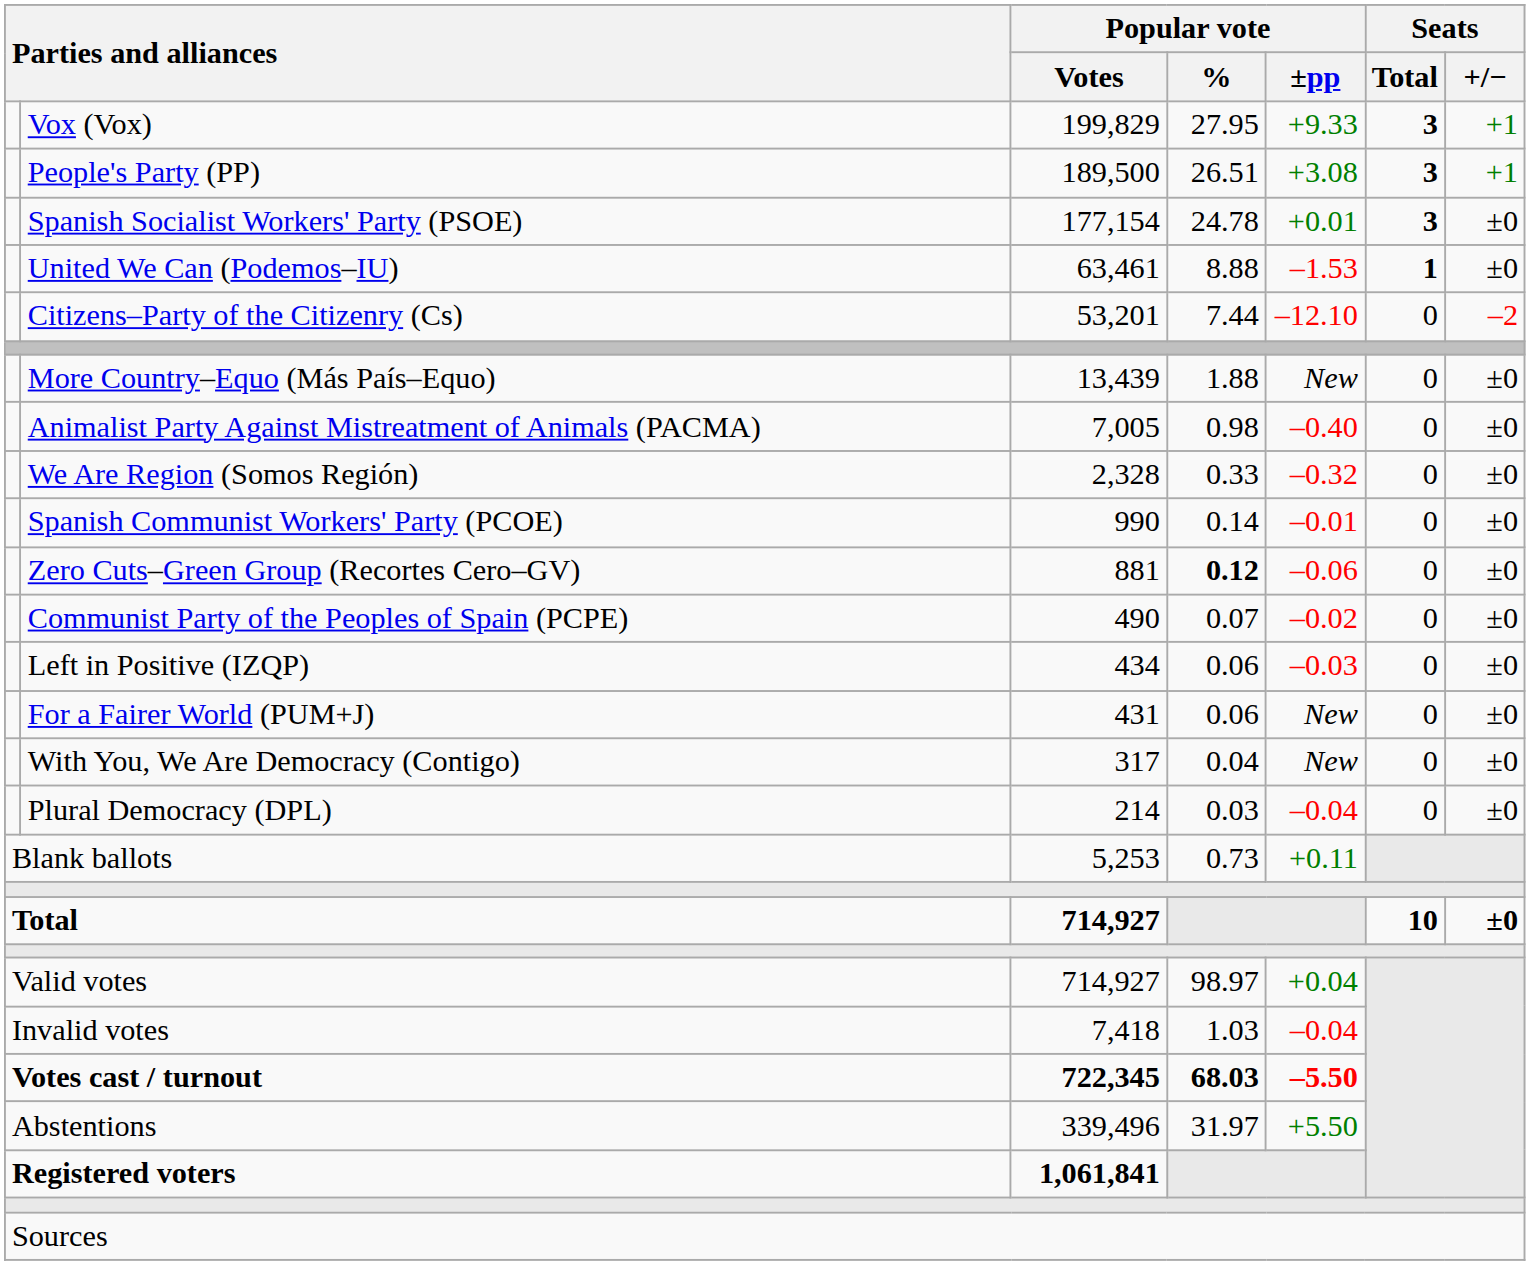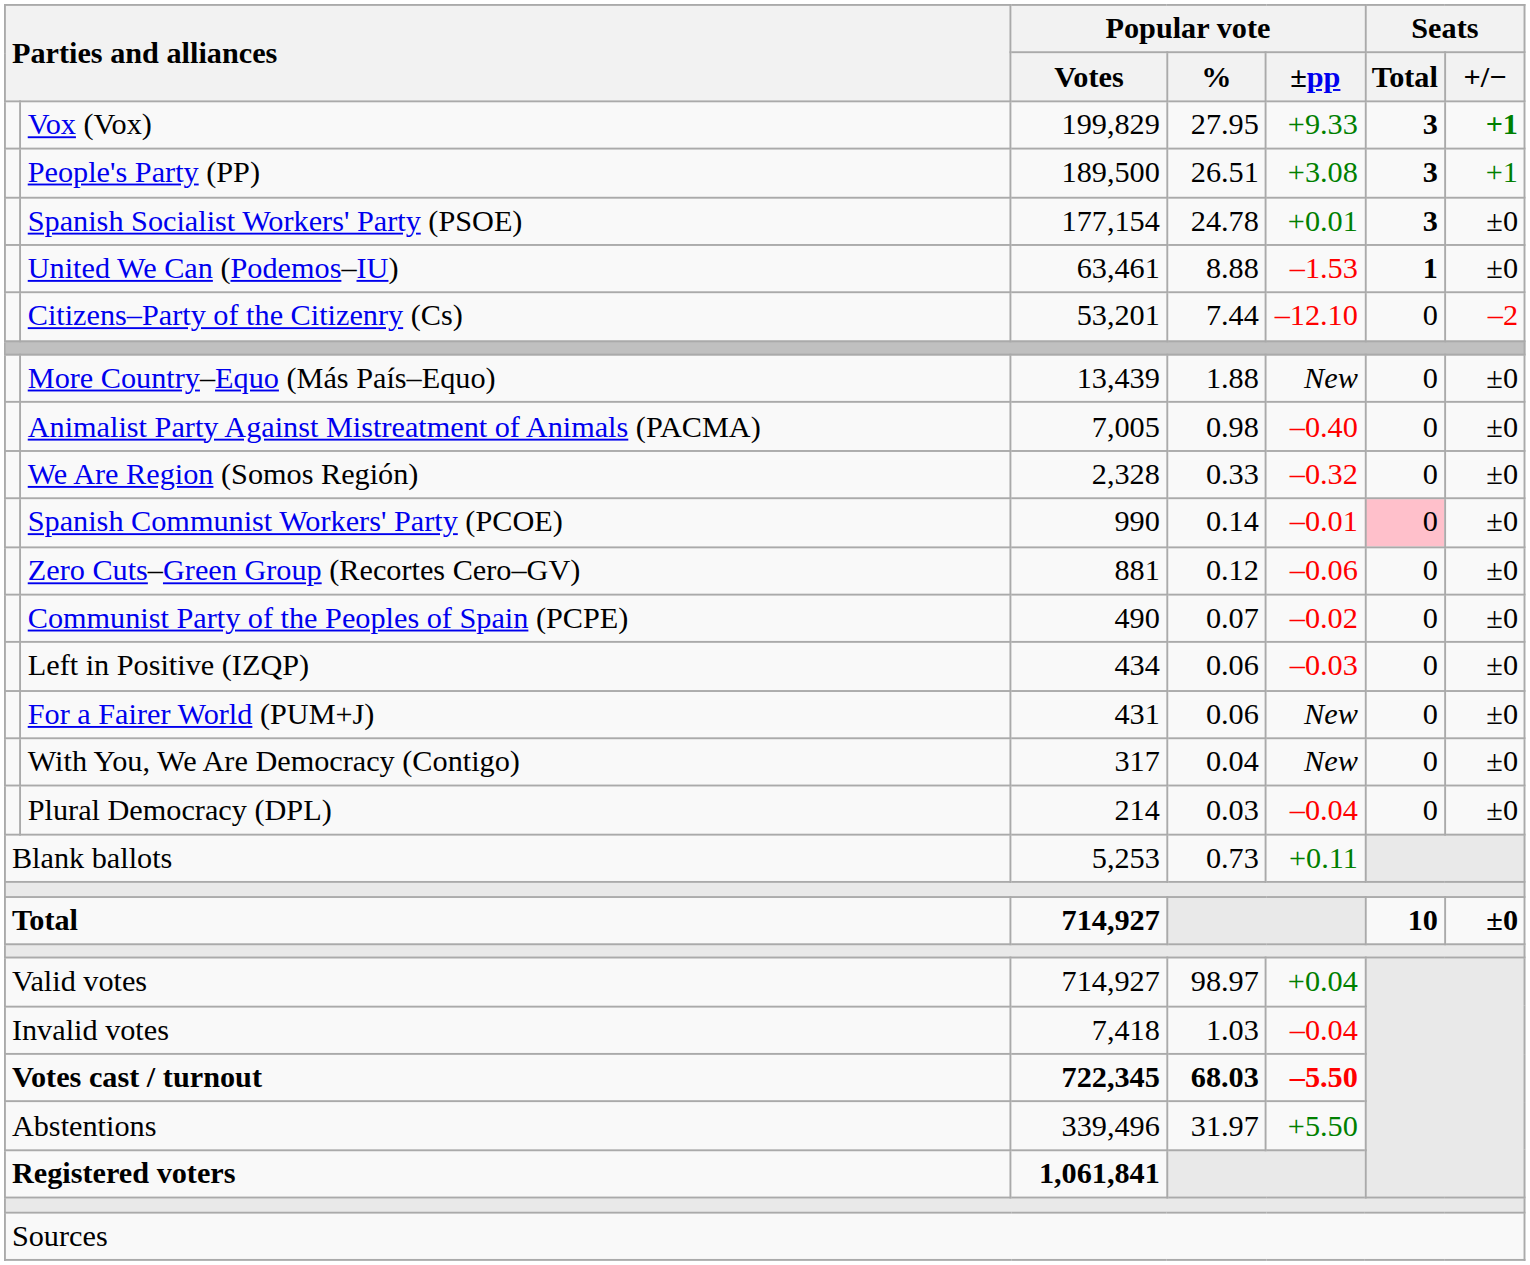 <table class="wikitable" style="text-align:right;">
 <tr>
 <th style="text-align:left;" rowspan="2" colspan="2" width="525">Parties and alliances</th>
 <th colspan="3">Popular vote</th>
 <th colspan="2">Seats</th>
 </tr>
 <tr>
 <th width="75">Votes</th>
 <th width="45">%</th>
 <th width="45">±<a href='#'>pp</a></th>
 <th width="35">Total</th>
 <th width="35">+/−</th>
 </tr>
 <tr>
 <td width="1" style="color:inherit;background:"></td>
 <td align="left"><a href='#'>Vox</a> (Vox)</td>
 <td>199,829</td>
 <td>27.95</td>
 <td style="color:green;">+9.33</td>
 <td><strong>3</strong></td>
-<td style="color:green;">+1</td>
+<td style="color:green;"><strong>+1</strong></td>
 </tr>
 <tr>
 <td style="color:inherit;background:"></td>
 <td align="left"><a href='#'>People's Party</a> (PP)</td>
 <td>189,500</td>
 <td>26.51</td>
 <td style="color:green;">+3.08</td>
 <td><strong>3</strong></td>
 <td style="color:green;">+1</td>
 </tr>
 <tr>
 <td style="color:inherit;background:"></td>
 <td align="left"><a href='#'>Spanish Socialist Workers' Party</a> (PSOE)</td>
 <td>177,154</td>
 <td>24.78</td>
 <td style="color:green;">+0.01</td>
 <td><strong>3</strong></td>
 <td>±0</td>
 </tr>
 <tr>
 <td style="color:inherit;background:"></td>
 <td align="left"><a href='#'>United We Can</a> (<a href='#'>Podemos</a>–<a href='#'>IU</a>)</td>
 <td>63,461</td>
 <td>8.88</td>
 <td style="color:red;">–1.53</td>
 <td><strong>1</strong></td>
 <td>±0</td>
 </tr>
 <tr>
 <td style="color:inherit;background:"></td>
 <td align="left"><a href='#'>Citizens–Party of the Citizenry</a> (Cs)</td>
 <td>53,201</td>
 <td>7.44</td>
 <td style="color:red;">–12.10</td>
 <td>0</td>
 <td style="color:red;">–2</td>
 </tr>
 <tr>
 <td colspan="7" bgcolor="#C0C0C0"></td>
 </tr>
 <tr>
 <td style="color:inherit;background:"></td>
 <td align="left"><a href='#'>More Country</a>–<a href='#'>Equo</a> (Más País–Equo)</td>
 <td>13,439</td>
 <td>1.88</td>
 <td><em>New</em></td>
 <td>0</td>
 <td>±0</td>
 </tr>
 <tr>
 <td style="color:inherit;background:"></td>
 <td align="left"><a href='#'>Animalist Party Against Mistreatment of Animals</a> (PACMA)</td>
 <td>7,005</td>
 <td>0.98</td>
 <td style="color:red;">–0.40</td>
 <td>0</td>
 <td>±0</td>
 </tr>
 <tr>
 <td style="color:inherit;background:"></td>
 <td align="left"><a href='#'>We Are Region</a> (Somos Región)</td>
 <td>2,328</td>
 <td>0.33</td>
 <td style="color:red;">–0.32</td>
 <td>0</td>
 <td>±0</td>
 </tr>
 <tr>
 <td style="color:inherit;background:"></td>
 <td align="left"><a href='#'>Spanish Communist Workers' Party</a> (PCOE)</td>
 <td>990</td>
 <td>0.14</td>
 <td style="color:red;">–0.01</td>
-<td>0</td>
+<td style="background: pink;">0</td>
 <td>±0</td>
 </tr>
 <tr>
 <td style="color:inherit;background:"></td>
 <td align="left"><a href='#'>Zero Cuts</a>–<a href='#'>Green Group</a> (Recortes Cero–GV)</td>
 <td>881</td>
-<td><strong>0.12</strong></td>
+<td>0.12</td>
 <td style="color:red;">–0.06</td>
 <td>0</td>
 <td>±0</td>
 </tr>
 <tr>
 <td style="color:inherit;background:"></td>
 <td align="left"><a href='#'>Communist Party of the Peoples of Spain</a> (PCPE)</td>
 <td>490</td>
 <td>0.07</td>
 <td style="color:red;">–0.02</td>
 <td>0</td>
 <td>±0</td>
 </tr>
 <tr>
 <td style="color:inherit;background:"></td>
 <td align="left">Left in Positive (IZQP)</td>
 <td>434</td>
 <td>0.06</td>
 <td style="color:red;">–0.03</td>
 <td>0</td>
 <td>±0</td>
 </tr>
 <tr>
 <td style="color:inherit;background:"></td>
 <td align="left"><a href='#'>For a Fairer World</a> (PUM+J)</td>
 <td>431</td>
 <td>0.06</td>
 <td><em>New</em></td>
 <td>0</td>
 <td>±0</td>
 </tr>
 <tr>
 <td style="color:inherit;background:"></td>
 <td align="left">With You, We Are Democracy (Contigo)</td>
 <td>317</td>
 <td>0.04</td>
 <td><em>New</em></td>
 <td>0</td>
 <td>±0</td>
 </tr>
 <tr>
 <td style="color:inherit;background:"></td>
 <td align="left">Plural Democracy (DPL)</td>
 <td>214</td>
 <td>0.03</td>
 <td style="color:red;">–0.04</td>
 <td>0</td>
 <td>±0</td>
 </tr>
 <tr>
 <td align="left" colspan="2">Blank ballots</td>
 <td>5,253</td>
 <td>0.73</td>
 <td style="color:green;">+0.11</td>
 <td bgcolor="#E9E9E9" colspan="2"></td>
 </tr>
 <tr>
 <td colspan="7" bgcolor="#E9E9E9"></td>
 </tr>
 <tr style="font-weight:bold;">
 <td align="left" colspan="2">Total</td>
 <td>714,927</td>
 <td bgcolor="#E9E9E9" colspan="2"></td>
 <td>10</td>
 <td>±0</td>
 </tr>
 <tr>
 <td colspan="7" bgcolor="#E9E9E9"></td>
 </tr>
 <tr>
 <td align="left" colspan="2">Valid votes</td>
 <td>714,927</td>
 <td>98.97</td>
 <td style="color:green;">+0.04</td>
 <td bgcolor="#E9E9E9" colspan="2" rowspan="5"></td>
 </tr>
 <tr>
 <td align="left" colspan="2">Invalid votes</td>
 <td>7,418</td>
 <td>1.03</td>
 <td style="color:red;">–0.04</td>
 </tr>
 <tr style="font-weight:bold;">
 <td align="left" colspan="2">Votes cast / turnout</td>
 <td>722,345</td>
 <td>68.03</td>
 <td style="color:red;">–5.50</td>
 </tr>
 <tr>
 <td align="left" colspan="2">Abstentions</td>
 <td>339,496</td>
 <td>31.97</td>
 <td style="color:green;">+5.50</td>
 </tr>
 <tr style="font-weight:bold;">
 <td align="left" colspan="2">Registered voters</td>
 <td>1,061,841</td>
 <td bgcolor="#E9E9E9" colspan="2"></td>
 </tr>
 <tr>
 <td colspan="7" bgcolor="#E9E9E9"></td>
 </tr>
 <tr>
 <td align="left" colspan="7">Sources</td>
 </tr>
 </table>
